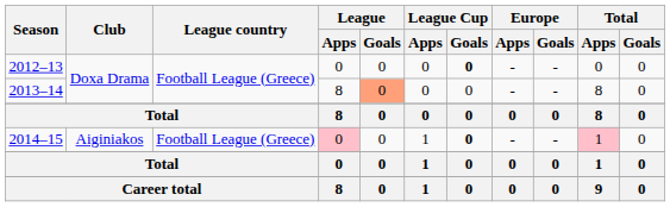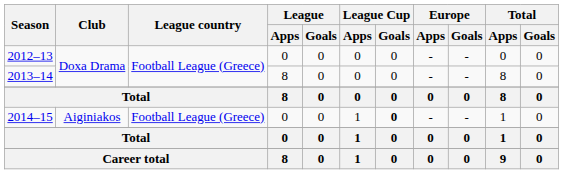 <table class="wikitable" style="text-align: center;">
 <tr>
 <th rowspan="2">Season</th>
 <th rowspan="2">Club</th>
 <th rowspan="2">League country</th>
 <th colspan="2">League</th>
 <th colspan="2">League Cup</th>
 <th colspan="2">Europe</th>
 <th colspan="2">Total</th>
 </tr>
 <tr>
 <th>Apps</th>
 <th>Goals</th>
 <th>Apps</th>
 <th>Goals</th>
 <th>Apps</th>
 <th>Goals</th>
 <th>Apps</th>
 <th>Goals</th>
 </tr>
 <tr>
 <td rowspan="1"><a href='#'>2012–13</a></td>
 <td rowspan="2" valign="center"><a href='#'>Doxa Drama</a></td>
 <td rowspan="2"><a href='#'>Football League (Greece)</a></td>
 <td>0</td>
 <td>0</td>
 <td>0</td>
-<td><strong>0</strong></td>
+<td>0</td>
 <td>-</td>
 <td>-</td>
 <td>0</td>
 <td>0</td>
 </tr>
 <tr>
 <td rowspan="1"><a href='#'>2013–14</a></td>
 <td>8</td>
-<td style="background: lightsalmon;">0</td>
+<td>0</td>
 <td>0</td>
 <td>0</td>
 <td>-</td>
 <td>-</td>
 <td>8</td>
 <td>0</td>
 </tr>
 <tr>
 </tr>
 <tr>
 <th colspan="3" valign="center">Total</th>
 <th>8</th>
 <th>0</th>
 <th>0</th>
 <th>0</th>
 <th>0</th>
 <th>0</th>
 <th>8</th>
 <th>0</th>
 </tr>
 <tr>
 <td rowspan="1"><a href='#'>2014–15</a></td>
 <td rowspan="1" valign="center"><a href='#'>Aiginiakos</a></td>
 <td rowspan="1"><a href='#'>Football League (Greece)</a></td>
-<td style="background: pink;">0</td>
+<td>0</td>
 <td>0</td>
 <td>1</td>
 <td><strong>0</strong></td>
 <td>-</td>
 <td>-</td>
-<td style="background: pink;">1</td>
+<td>1</td>
 <td>0</td>
 </tr>
 <tr>
 </tr>
 <tr>
 <th colspan="3" valign="center">Total</th>
 <th>0</th>
 <th>0</th>
 <th>1</th>
 <th>0</th>
 <th>0</th>
 <th>0</th>
 <th>1</th>
 <th>0</th>
 </tr>
 <tr>
 </tr>
 <tr>
 <th colspan="3">Career total</th>
 <th>8</th>
 <th>0</th>
 <th>1</th>
 <th>0</th>
 <th>0</th>
 <th>0</th>
 <th>9</th>
 <th>0</th>
 </tr>
 </table>
